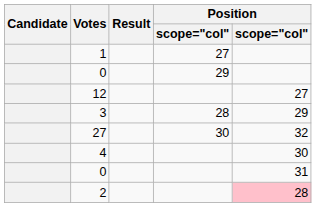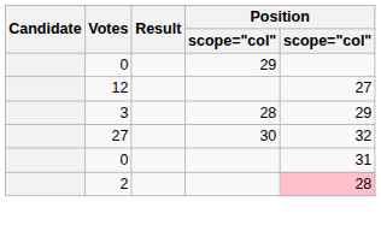 <table class="wikitable sortable">
 <tr>
 <th scope="col" rowspan="2">Candidate</th>
 <th scope="col" rowspan="2">Votes</th>
 <th scope="col" rowspan="2">Result</th>
 <th scope="col" colspan="2">Position</th>
 </tr>
 <tr>
 <th>scope="col" </th>
 <th>scope="col" </th>
-</tr>
-<tr>
-<th scope="row"></th>
-<td style="text-align:right">1</td>
-<td></td>
-<td style="text-align:right">27</td>
-<td></td>
 </tr>
 <tr>
 <th scope="row"></th>
 <td style="text-align:right">0</td>
 <td></td>
 <td style="text-align:right">29</td>
 <td></td>
 </tr>
 <tr>
 <th scope="row"></th>
 <td style="text-align:right">12</td>
 <td></td>
 <td></td>
 <td style="text-align:right">27</td>
 </tr>
 <tr>
 <th scope="row"></th>
 <td style="text-align:right">3</td>
 <td></td>
 <td style="text-align:right">28</td>
 <td style="text-align:right">29</td>
 </tr>
 <tr>
 <th scope="row"></th>
 <td style="text-align:right">27</td>
 <td></td>
 <td style="text-align:right">30</td>
 <td style="text-align:right">32</td>
 </tr>
 <tr>
 <th scope="row"></th>
-<td style="text-align:right">4</td>
-<td></td>
-<td></td>
-<td style="text-align:right">30</td>
-</tr>
-<tr>
-<th scope="row"></th>
 <td style="text-align:right">0</td>
 <td></td>
 <td></td>
 <td style="text-align:right">31</td>
 </tr>
 <tr>
 <th scope="row"></th>
 <td style="text-align:right">2</td>
 <td></td>
 <td></td>
 <td style="background: pink; text-align:right">28</td>
 </tr>
 </table>
